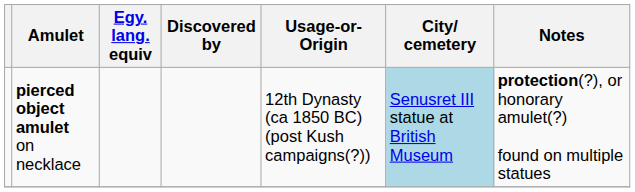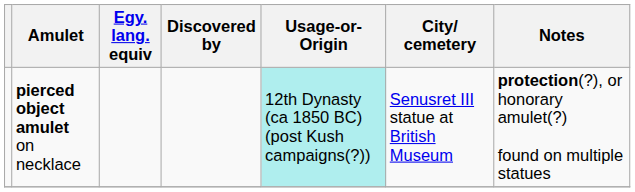 <table class="wikitable sortable">
 <tr style="background:#efefef;">
 <th></th>
 <th><strong>Amulet</strong></th>
 <th><a href='#'>Egy. lang.</a> equiv</th>
 <th>Discovered by</th>
 <th>Usage-or-<br>Origin</th>
 <th>City/<br>cemetery</th>
 <th>Notes</th>
 </tr>
 <tr>
 <td></td>
 <td><strong>pierced object amulet</strong><br>on necklace</td>
 <td></td>
 <td></td>
-<td>12th Dynasty<br>(ca 1850 BC)<br>(post Kush campaigns(?))</td>
-<td style="background: lightblue;"><a href='#'>Senusret III</a> statue at <a href='#'>British Museum</a></td>
+<td style="background: paleturquoise;">12th Dynasty<br>(ca 1850 BC)<br>(post Kush campaigns(?))</td>
+<td><a href='#'>Senusret III</a> statue at <a href='#'>British Museum</a></td>
 <td><strong>protection</strong>(?), or honorary amulet(?)<br><br>found on multiple statues</td>
 </tr>
 <tr>
 </tr>
 </table>
